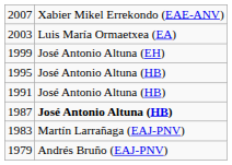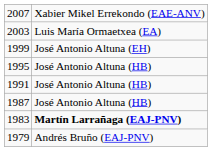 <table class="wikitable">
 <tr>
 <td align=right>2007</td>
 <td>Xabier Mikel Errekondo (<a href='#'>EAE-ANV</a>)</td>
 </tr>
 <tr>
 <td align=right>2003</td>
 <td>Luis María Ormaetxea (<a href='#'>EA</a>)</td>
 </tr>
 <tr>
 <td align=right>1999</td>
 <td>José Antonio Altuna (<a href='#'>EH</a>)</td>
 </tr>
 <tr>
 <td align=right>1995</td>
 <td>José Antonio Altuna (<a href='#'>HB</a>)</td>
 </tr>
 <tr>
 <td align=right>1991</td>
 <td>José Antonio Altuna (<a href='#'>HB</a>)</td>
 </tr>
 <tr>
 <td align=right>1987</td>
-<td><strong>José Antonio Altuna (<a href='#'>HB</a>)</strong></td>
+<td>José Antonio Altuna (<a href='#'>HB</a>)</td>
 </tr>
 <tr>
 <td align=right>1983</td>
-<td>Martín Larrañaga (<a href='#'>EAJ-PNV</a>)</td>
+<td><strong>Martín Larrañaga (<a href='#'>EAJ-PNV</a>)</strong></td>
 </tr>
 <tr>
 <td align=right>1979</td>
 <td>Andrés Bruño (<a href='#'>EAJ-PNV</a>)</td>
 </tr>
 </table>
